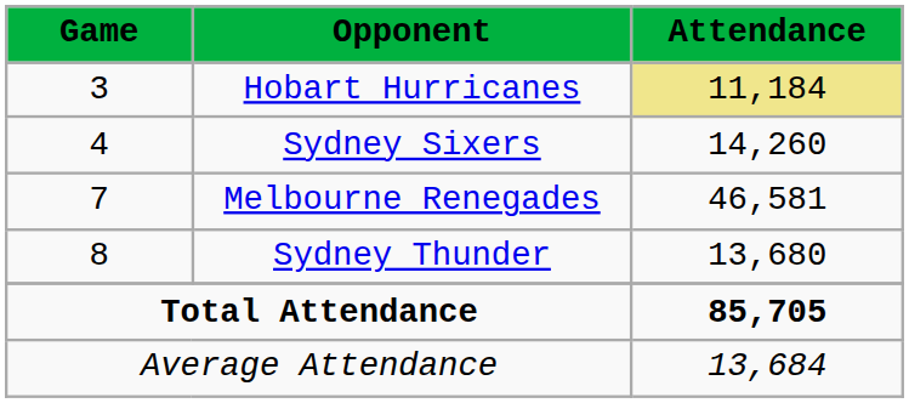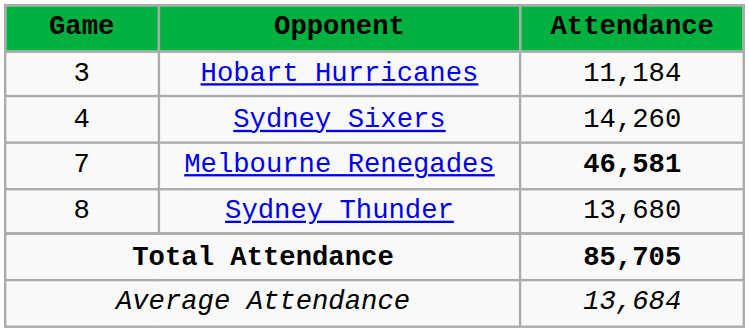 <table class="wikitable sortable" style="text-align:center; font-size:90%">
 <tr>
 <th style="width:60px; background:#00B13F; text-align:center;">Game</th>
 <th style="width:150px; background:#00B13F; text-align:center;" class="unsortable">Opponent</th>
 <th style="width:90px; background:#00B13F; text-align:center;">Attendance</th>
 </tr>
 <tr>
 <td>3</td>
 <td><a href='#'>Hobart Hurricanes</a></td>
-<td style="background: khaki;">11,184</td>
+<td>11,184</td>
 </tr>
 <tr>
 <td>4</td>
 <td><a href='#'>Sydney Sixers</a></td>
 <td>14,260</td>
 </tr>
 <tr>
 <td>7</td>
 <td><a href='#'>Melbourne Renegades</a></td>
-<td>46,581</td>
+<td><strong>46,581</strong></td>
 </tr>
 <tr>
 <td>8</td>
 <td><a href='#'>Sydney Thunder</a></td>
 <td>13,680</td>
 </tr>
 <tr a>
 </tr>
 <tr class="sortbottom">
 <td colspan="2"><strong>Total Attendance</strong></td>
 <td><strong>85,705</strong></td>
 </tr>
 <tr class="sortbottom">
 <td colspan="2"><em>Average Attendance</em></td>
 <td><em>13,684</em></td>
 </tr>
 </table>
